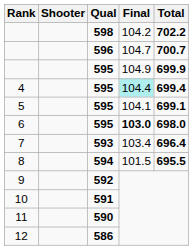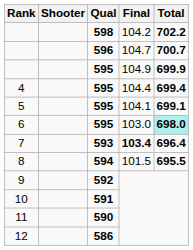 <table class="wikitable sortable" style="text-align: center">
 <tr>
 <th>Rank</th>
 <th>Shooter</th>
 <th>Qual</th>
 <th>Final</th>
 <th>Total</th>
 </tr>
 <tr>
 <td></td>
 <td align=left></td>
 <td><strong>598</strong></td>
 <td>104.2</td>
 <td><strong>702.2</strong></td>
 </tr>
 <tr>
 <td></td>
 <td align=left></td>
 <td><strong>596</strong></td>
 <td>104.7</td>
 <td><strong>700.7</strong></td>
 </tr>
 <tr>
 <td></td>
 <td align=left></td>
 <td><strong>595</strong></td>
 <td>104.9</td>
 <td><strong>699.9</strong></td>
 </tr>
 <tr>
 <td>4</td>
 <td align=left></td>
 <td><strong>595</strong></td>
-<td style="background: paleturquoise;">104.4</td>
+<td>104.4</td>
 <td><strong>699.4</strong></td>
 </tr>
 <tr>
 <td>5</td>
 <td align=left></td>
 <td><strong>595</strong></td>
 <td>104.1</td>
 <td><strong>699.1</strong></td>
 </tr>
 <tr>
 <td>6</td>
 <td align=left></td>
 <td><strong>595</strong></td>
-<td><strong>103.0</strong></td>
-<td><strong>698.0</strong></td>
+<td>103.0</td>
+<td style="background: paleturquoise;"><strong>698.0</strong></td>
 </tr>
 <tr>
 <td>7</td>
 <td align=left></td>
 <td><strong>593</strong></td>
-<td>103.4</td>
+<td><strong>103.4</strong></td>
 <td><strong>696.4</strong></td>
 </tr>
 <tr>
 <td>8</td>
 <td align=left></td>
 <td><strong>594</strong></td>
 <td>101.5</td>
 <td><strong>695.5</strong></td>
 </tr>
 <tr>
 <td>9</td>
 <td align=left></td>
 <td><strong>592</strong></td>
 </tr>
 <tr>
 <td>10</td>
 <td align=left></td>
 <td><strong>591</strong></td>
 </tr>
 <tr>
 <td>11</td>
 <td align=left></td>
 <td><strong>590</strong></td>
 </tr>
 <tr>
 <td>12</td>
 <td align=left></td>
 <td><strong>586</strong></td>
 </tr>
 </table>
